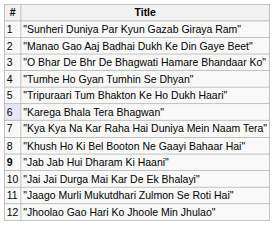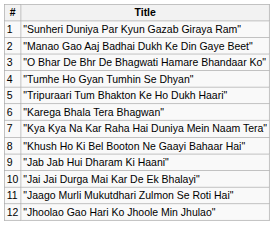 <table class="wikitable" style="font-size:95%;">
 <tr>
 <th>#</th>
 <th>Title</th>
 </tr>
 <tr>
 <td>1</td>
 <td>"Sunheri Duniya Par Kyun Gazab Giraya Ram"</td>
 </tr>
 <tr>
 <td>2</td>
 <td>"Manao Gao Aaj Badhai Dukh Ke Din Gaye Beet"</td>
 </tr>
 <tr>
 <td>3</td>
 <td>"O Bhar De Bhr De Bhagwati Hamare Bhandaar Ko"</td>
 </tr>
 <tr>
 <td>4</td>
 <td>"Tumhe Ho Gyan Tumhin Se Dhyan"</td>
 </tr>
 <tr>
 <td>5</td>
 <td>"Tripuraari Tum Bhakton Ke Ho Dukh Haari"</td>
 </tr>
 <tr>
-<td style="background: lavender;">6</td>
+<td>6</td>
 <td>"Karega Bhala Tera Bhagwan"</td>
 </tr>
 <tr>
 <td>7</td>
 <td>"Kya Kya Na Kar Raha Hai Duniya Mein Naam Tera"</td>
 </tr>
 <tr>
 <td>8</td>
 <td>"Khush Ho Ki Bel Booton Ne Gaayi Bahaar Hai"</td>
 </tr>
 <tr>
-<td><strong>9</strong></td>
+<td>9</td>
 <td>"Jab Jab Hui Dharam Ki Haani"</td>
 </tr>
 <tr>
 <td>10</td>
 <td>"Jai Jai Durga Mai Kar De Ek Bhalayi"</td>
 </tr>
 <tr>
 <td>11</td>
 <td>"Jaago Murli Mukutdhari Zulmon Se Roti Hai"</td>
 </tr>
 <tr>
 <td>12</td>
 <td>"Jhoolao Gao Hari Ko Jhoole Min Jhulao"</td>
 </tr>
 </table>
